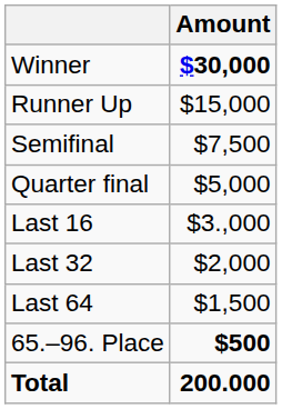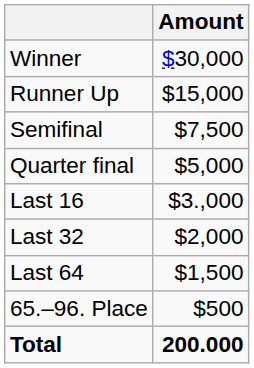 <table class="wikitable">
 <tr>
 <th></th>
 <th>Amount</th>
 </tr>
 <tr>
 <td>Winner</td>
-<td style="text-align:right"><strong><a href='#'>$</a>30,000</strong></td>
+<td style="text-align:right"><a href='#'>$</a>30,000</td>
 </tr>
 <tr>
 <td>Runner Up</td>
 <td style="text-align:right">$15,000</td>
 </tr>
 <tr>
 <td>Semifinal</td>
 <td style="text-align:right">$7,500</td>
 </tr>
 <tr>
 <td>Quarter final</td>
 <td style="text-align:right">$5,000</td>
 </tr>
 <tr>
 <td>Last 16</td>
 <td style="text-align:right">$3.,000</td>
 </tr>
 <tr>
 <td>Last 32</td>
 <td style="text-align:right">$2,000</td>
 </tr>
 <tr>
 <td>Last 64</td>
 <td style="text-align:right">$1,500</td>
 </tr>
 <tr>
 <td>65.–96. Place</td>
-<td style="text-align:right"><strong>$500</strong></td>
+<td style="text-align:right">$500</td>
 </tr>
 <tr>
 <td><strong>Total</strong></td>
 <td style="text-align:right"><strong>200.000 </strong></td>
 </tr>
 </table>
